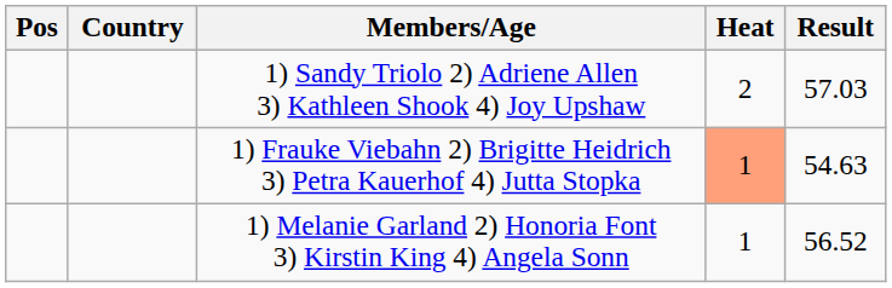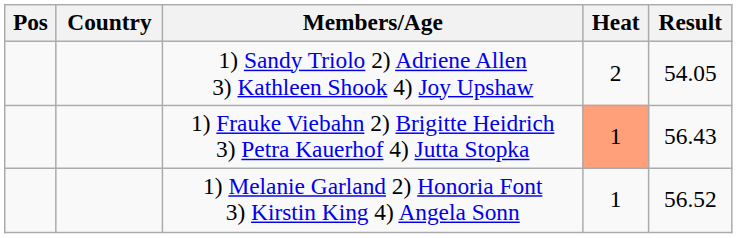 <table class="wikitable"  style="text-align:center; width:80%;">
 <tr>
 <th>Pos</th>
 <th>Country</th>
 <th>Members/Age</th>
 <th>Heat</th>
 <th>Result</th>
 </tr>
 <tr>
 <td align=center></td>
 <td align=left></td>
 <td>1) <a href='#'>Sandy Triolo</a> 2) <a href='#'>Adriene Allen</a><br>3) <a href='#'>Kathleen Shook</a> 4) <a href='#'>Joy Upshaw</a></td>
 <td>2</td>
-<td>57.03</td>
+<td>54.05</td>
 </tr>
 <tr>
 <td align=center></td>
 <td align=left></td>
 <td>1) <a href='#'>Frauke Viebahn</a> 2) <a href='#'>Brigitte Heidrich</a><br>3) <a href='#'>Petra Kauerhof</a> 4) <a href='#'>Jutta Stopka</a></td>
 <td style="background: lightsalmon;">1</td>
-<td>54.63</td>
+<td>56.43</td>
 </tr>
 <tr>
 <td align=center></td>
 <td align=left></td>
 <td>1) <a href='#'>Melanie Garland</a> 2) <a href='#'>Honoria Font</a><br>3) <a href='#'>Kirstin King</a> 4) <a href='#'>Angela Sonn</a></td>
 <td>1</td>
 <td>56.52</td>
 </tr>
 </table>
